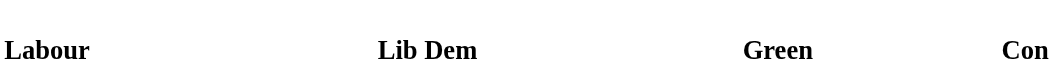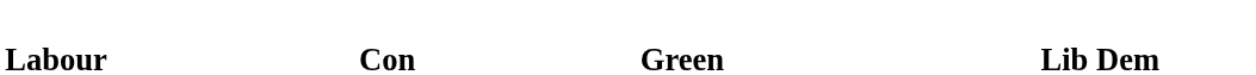 <table style="width:60%; text-align:center;">
 <tr style="color:white;">
 <td style="background:"><strong>15</strong></td>
+<td style="background:"><strong>3</strong></td>
+<td style="background:"><strong>10</strong></td>
 <td style="background:"><strong>11</strong></td>
-<td style="background:"><strong>10</strong></td>
-<td style="background:"><strong>3</strong></td>
 </tr>
 <tr>
 <td><span><strong>Labour</strong></span></td>
+<td><span><strong>Con</strong></span></td>
+<td><span><strong>Green</strong></span></td>
 <td><span><strong>Lib Dem</strong></span></td>
-<td><span><strong>Green</strong></span></td>
-<td><span><strong>Con</strong></span></td>
 </tr>
 </table>
